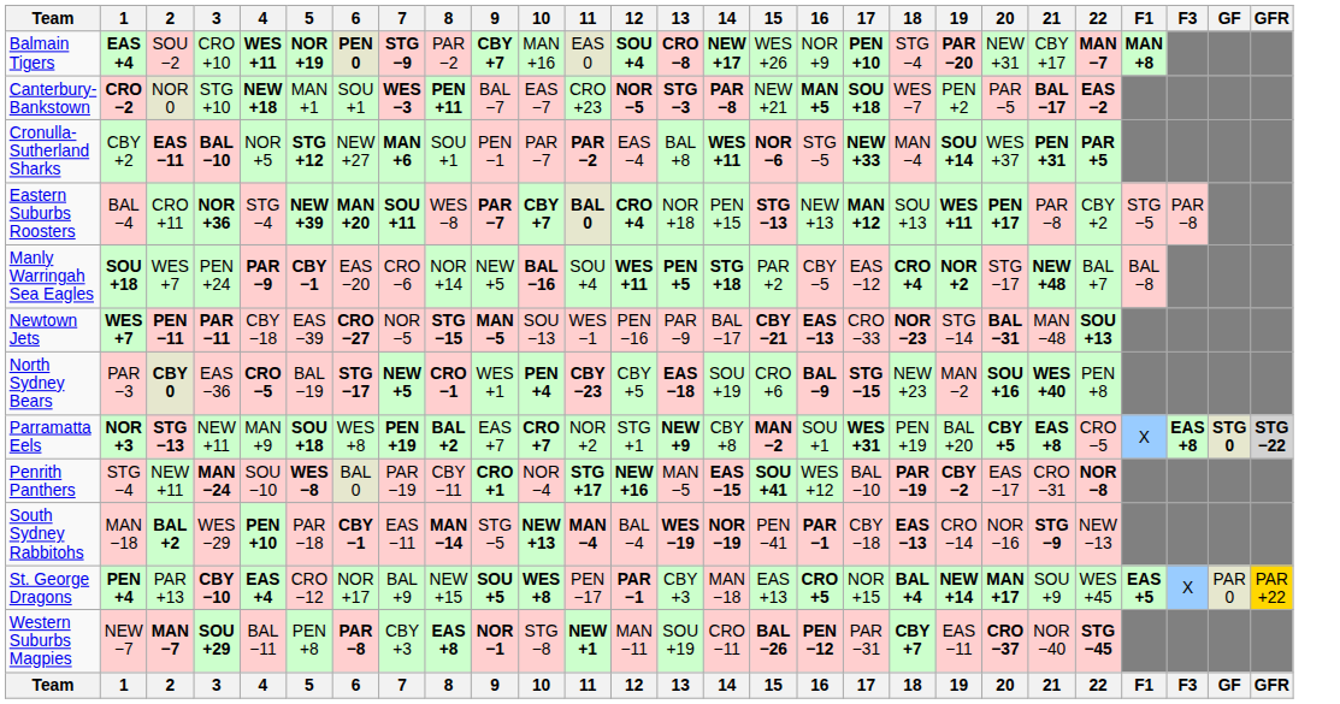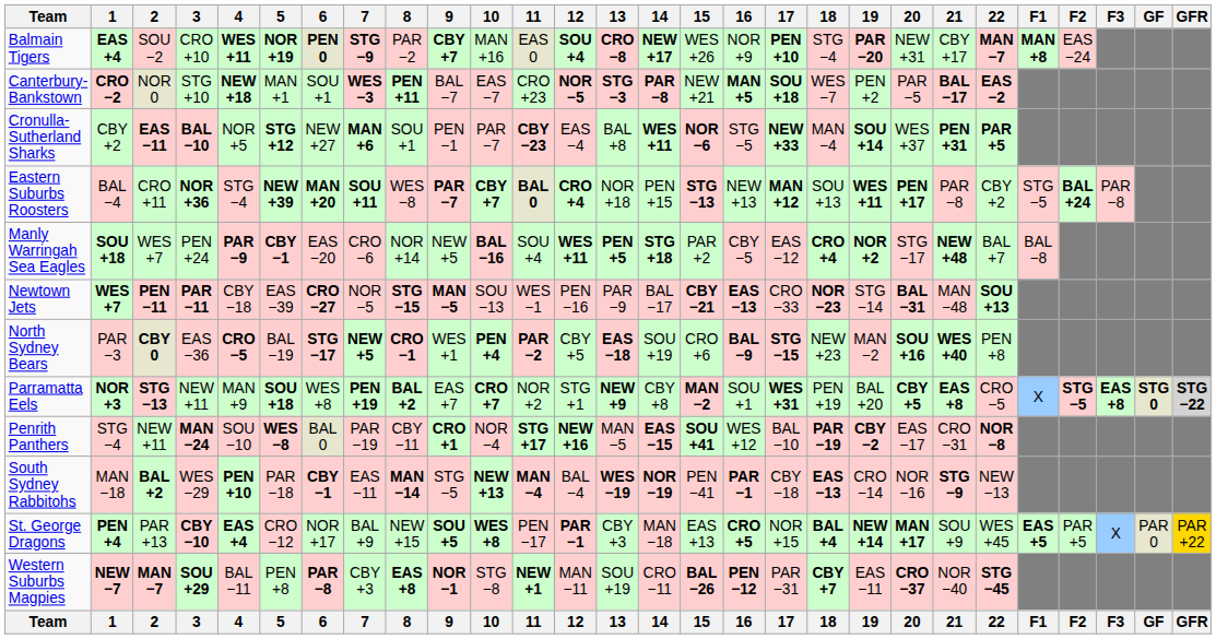 <table class="wikitable sortable" style="font-size:85%; text-align:center; width:90%">
 <tr valign="top">
 <th valign="middle">Team</th>
 <th>1</th>
 <th>2</th>
 <th>3</th>
 <th>4</th>
 <th>5</th>
 <th>6</th>
 <th>7</th>
 <th>8</th>
 <th>9</th>
 <th>10</th>
 <th>11</th>
 <th>12</th>
 <th>13</th>
 <th>14</th>
 <th>15</th>
 <th>16</th>
 <th>17</th>
 <th>18</th>
 <th>19</th>
 <th>20</th>
 <th>21</th>
 <th>22</th>
 <th>F1</th>
+<th>F2</th>
 <th>F3</th>
 <th>GF</th>
 <th>GFR</th>
 </tr>
 <tr>
 <td align="left"><a href='#'>Balmain Tigers</a></td>
 <td style="background:#cfc;"><strong>EAS<br>+4</strong></td>
 <td style="background:#FFCFCF;">SOU<br>−2</td>
 <td style="background:#cfc;">CRO<br>+10</td>
 <td style="background:#cfc;"><strong>WES<br>+11</strong></td>
 <td style="background:#cfc;"><strong>NOR<br>+19</strong></td>
 <td style="background:#E6E7CE"><strong>PEN<br>0</strong></td>
 <td style="background:#FFCFCF;"><strong>STG<br>−9</strong></td>
 <td style="background:#FFCFCF;">PAR<br>−2</td>
 <td style="background:#cfc;"><strong>CBY<br>+7</strong></td>
 <td style="background:#cfc;">MAN<br>+16</td>
 <td style="background:#E6E7CE">EAS<br>0</td>
 <td style="background:#cfc;"><strong>SOU<br>+4</strong></td>
 <td style="background:#FFCFCF;"><strong>CRO<br>−8</strong></td>
 <td style="background:#cfc;"><strong>NEW<br>+17</strong></td>
 <td style="background:#cfc;">WES<br>+26</td>
 <td style="background:#cfc;">NOR<br>+9</td>
 <td style="background:#cfc;"><strong>PEN<br>+10</strong></td>
 <td style="background:#FFCFCF;">STG<br>−4</td>
 <td style="background:#FFCFCF;"><strong>PAR<br>−20</strong></td>
 <td style="background:#cfc;">NEW<br>+31</td>
 <td style="background:#cfc;">CBY<br>+17</td>
 <td style="background:#FFCFCF;"><strong>MAN<br>−7</strong></td>
 <td style="background:#cfc;"><strong>MAN<br>+8</strong></td>
+<td style="background:#FFCFCF;">EAS<br>−24</td>
 <td style="background:#808080;"></td>
 <td style="background:#808080;"></td>
 <td style="background:#808080;"></td>
 </tr>
 <tr>
 <td align="left"><a href='#'>Canterbury-Bankstown</a></td>
 <td style="background:#FFCFCF;"><strong>CRO<br>−2</strong></td>
 <td style="background:#E6E7CE">NOR<br>0</td>
 <td style="background:#cfc;">STG<br>+10</td>
 <td style="background:#cfc;"><strong>NEW<br>+18</strong></td>
 <td style="background:#cfc;">MAN<br>+1</td>
 <td style="background:#cfc;">SOU<br>+1</td>
 <td style="background:#FFCFCF;"><strong>WES<br>−3</strong></td>
 <td style="background:#cfc;"><strong>PEN<br>+11</strong></td>
 <td style="background:#FFCFCF;">BAL<br>−7</td>
 <td style="background:#FFCFCF;">EAS<br>−7</td>
 <td style="background:#cfc;">CRO<br>+23</td>
 <td style="background:#FFCFCF;"><strong>NOR<br>−5</strong></td>
 <td style="background:#FFCFCF;"><strong>STG<br>−3</strong></td>
 <td style="background:#FFCFCF;"><strong>PAR<br>−8</strong></td>
 <td style="background:#cfc;">NEW<br>+21</td>
 <td style="background:#cfc;"><strong>MAN<br>+5</strong></td>
 <td style="background:#cfc;"><strong>SOU<br>+18</strong></td>
 <td style="background:#FFCFCF;">WES<br>−7</td>
 <td style="background:#cfc;">PEN<br>+2</td>
 <td style="background:#FFCFCF;">PAR<br>−5</td>
 <td style="background:#FFCFCF;"><strong>BAL<br>−17</strong></td>
 <td style="background:#FFCFCF;"><strong>EAS<br>−2</strong></td>
 <td style="background:#808080;"></td>
 <td style="background:#808080;"></td>
 <td style="background:#808080;"></td>
 <td style="background:#808080;"></td>
+<td style="background:#808080;"></td>
 </tr>
 <tr>
 <td align="left"><a href='#'>Cronulla-Sutherland Sharks</a></td>
 <td style="background:#cfc;">CBY<br>+2</td>
 <td style="background:#FFCFCF;"><strong>EAS<br>−11</strong></td>
 <td style="background:#FFCFCF;"><strong>BAL<br>−10</strong></td>
 <td style="background:#cfc;">NOR<br>+5</td>
 <td style="background:#cfc;"><strong>STG<br>+12</strong></td>
 <td style="background:#cfc;">NEW<br>+27</td>
 <td style="background:#cfc;"><strong>MAN<br>+6</strong></td>
 <td style="background:#cfc;">SOU<br>+1</td>
 <td style="background:#FFCFCF;">PEN<br>−1</td>
 <td style="background:#FFCFCF;">PAR<br>−7</td>
-<td style="background:#FFCFCF;"><strong>PAR<br>−2</strong></td>
+<td style="background:#FFCFCF;"><strong>CBY<br>−23</strong></td>
 <td style="background:#FFCFCF;">EAS<br>−4</td>
 <td style="background:#cfc;">BAL<br>+8</td>
 <td style="background:#cfc;"><strong>WES<br>+11</strong></td>
 <td style="background:#FFCFCF;"><strong>NOR<br>−6</strong></td>
 <td style="background:#FFCFCF;">STG<br>−5</td>
 <td style="background:#cfc;"><strong>NEW<br>+33</strong></td>
 <td style="background:#FFCFCF;">MAN<br>−4</td>
 <td style="background:#cfc;"><strong>SOU<br>+14</strong></td>
 <td style="background:#cfc;">WES<br>+37</td>
 <td style="background:#cfc;"><strong>PEN<br>+31</strong></td>
 <td style="background:#cfc;"><strong>PAR<br>+5</strong></td>
+<td style="background:#808080;"></td>
 <td style="background:#808080;"></td>
 <td style="background:#808080;"></td>
 <td style="background:#808080;"></td>
 <td style="background:#808080;"></td>
 </tr>
 <tr>
 <td align="left"><a href='#'>Eastern Suburbs Roosters</a></td>
 <td style="background:#FFCFCF;">BAL<br>−4</td>
 <td style="background:#cfc;">CRO<br>+11</td>
 <td style="background:#cfc;"><strong>NOR<br>+36</strong></td>
 <td style="background:#FFCFCF;">STG<br>−4</td>
 <td style="background:#cfc;"><strong>NEW<br>+39</strong></td>
 <td style="background:#cfc;"><strong>MAN<br>+20</strong></td>
 <td style="background:#cfc;"><strong>SOU<br>+11</strong></td>
 <td style="background:#FFCFCF;">WES<br>−8</td>
 <td style="background:#FFCFCF;"><strong>PAR<br>−7</strong></td>
 <td style="background:#cfc;"><strong>CBY<br>+7</strong></td>
 <td style="background:#E6E7CE"><strong>BAL<br>0</strong></td>
 <td style="background:#cfc;"><strong>CRO<br>+4</strong></td>
 <td style="background:#cfc;">NOR<br>+18</td>
 <td style="background:#cfc;">PEN<br>+15</td>
 <td style="background:#FFCFCF;"><strong>STG<br>−13</strong></td>
 <td style="background:#cfc;">NEW<br>+13</td>
 <td style="background:#cfc;"><strong>MAN<br>+12</strong></td>
 <td style="background:#cfc;">SOU<br>+13</td>
 <td style="background:#cfc;"><strong>WES<br>+11</strong></td>
 <td style="background:#cfc;"><strong>PEN<br>+17</strong></td>
 <td style="background:#FFCFCF;">PAR<br>−8</td>
 <td style="background:#cfc;">CBY<br>+2</td>
 <td style="background:#FFCFCF;">STG<br>−5</td>
+<td style="background:#cfc;"><strong>BAL<br>+24</strong></td>
 <td style="background:#FFCFCF;">PAR<br>−8</td>
 <td style="background:#808080;"></td>
 <td style="background:#808080;"></td>
 </tr>
 <tr>
 <td align="left"><a href='#'>Manly Warringah Sea Eagles</a></td>
 <td style="background:#cfc;"><strong>SOU<br>+18</strong></td>
 <td style="background:#cfc;">WES<br>+7</td>
 <td style="background:#cfc;">PEN<br>+24</td>
 <td style="background:#FFCFCF;"><strong>PAR<br>−9</strong></td>
 <td style="background:#FFCFCF;"><strong>CBY<br>−1</strong></td>
 <td style="background:#FFCFCF;">EAS<br>−20</td>
 <td style="background:#FFCFCF;">CRO<br>−6</td>
 <td style="background:#cfc;">NOR<br>+14</td>
 <td style="background:#cfc;">NEW<br>+5</td>
 <td style="background:#FFCFCF;"><strong>BAL<br>−16</strong></td>
 <td style="background:#cfc;">SOU<br>+4</td>
 <td style="background:#cfc;"><strong>WES<br>+11</strong></td>
 <td style="background:#cfc;"><strong>PEN<br>+5</strong></td>
 <td style="background:#cfc;"><strong>STG<br>+18</strong></td>
 <td style="background:#cfc;">PAR<br>+2</td>
 <td style="background:#FFCFCF;">CBY<br>−5</td>
 <td style="background:#FFCFCF;">EAS<br>−12</td>
 <td style="background:#cfc;"><strong>CRO<br>+4</strong></td>
 <td style="background:#cfc;"><strong>NOR<br>+2</strong></td>
 <td style="background:#FFCFCF;">STG<br>−17</td>
 <td style="background:#cfc;"><strong>NEW<br>+48</strong></td>
 <td style="background:#cfc;">BAL<br>+7</td>
 <td style="background:#FFCFCF;">BAL<br>−8</td>
 <td style="background:#808080;"></td>
 <td style="background:#808080;"></td>
 <td style="background:#808080;"></td>
+<td style="background:#808080;"></td>
 </tr>
 <tr>
 <td align="left"><a href='#'>Newtown Jets</a></td>
 <td style="background:#cfc;"><strong>WES<br>+7</strong></td>
 <td style="background:#FFCFCF;"><strong>PEN<br>−11</strong></td>
 <td style="background:#FFCFCF;"><strong>PAR<br>−11</strong></td>
 <td style="background:#FFCFCF;">CBY<br>−18</td>
 <td style="background:#FFCFCF;">EAS<br>−39</td>
 <td style="background:#FFCFCF;"><strong>CRO<br>−27</strong></td>
 <td style="background:#FFCFCF;">NOR<br>−5</td>
 <td style="background:#FFCFCF;"><strong>STG<br>−15</strong></td>
 <td style="background:#FFCFCF;"><strong>MAN<br>−5</strong></td>
 <td style="background:#FFCFCF;">SOU<br>−13</td>
 <td style="background:#FFCFCF;">WES<br>−1</td>
 <td style="background:#FFCFCF;">PEN<br>−16</td>
 <td style="background:#FFCFCF;">PAR<br>−9</td>
 <td style="background:#FFCFCF;">BAL<br>−17</td>
 <td style="background:#FFCFCF;"><strong>CBY<br>−21</strong></td>
 <td style="background:#FFCFCF;"><strong>EAS<br>−13</strong></td>
 <td style="background:#FFCFCF;">CRO<br>−33</td>
 <td style="background:#FFCFCF;"><strong>NOR<br>−23</strong></td>
 <td style="background:#FFCFCF;">STG<br>−14</td>
 <td style="background:#FFCFCF;"><strong>BAL<br>−31</strong></td>
 <td style="background:#FFCFCF;">MAN<br>−48</td>
 <td style="background:#cfc;"><strong>SOU<br>+13</strong></td>
 <td style="background:#808080;"></td>
 <td style="background:#808080;"></td>
 <td style="background:#808080;"></td>
 <td style="background:#808080;"></td>
+<td style="background:#808080;"></td>
 </tr>
 <tr>
 <td align="left"><a href='#'>North Sydney Bears</a></td>
 <td style="background:#FFCFCF;">PAR<br>−3</td>
 <td style="background:#E6E7CE"><strong>CBY<br>0</strong></td>
 <td style="background:#FFCFCF;">EAS<br>−36</td>
 <td style="background:#FFCFCF;"><strong>CRO<br>−5</strong></td>
 <td style="background:#FFCFCF;">BAL<br>−19</td>
 <td style="background:#FFCFCF;"><strong>STG<br>−17</strong></td>
 <td style="background:#cfc;"><strong>NEW<br>+5</strong></td>
 <td style="background:#FFCFCF;"><strong>CRO<br>−1</strong></td>
 <td style="background:#cfc;">WES<br>+1</td>
 <td style="background:#cfc;"><strong>PEN<br>+4</strong></td>
-<td style="background:#FFCFCF;"><strong>CBY<br>−23</strong></td>
+<td style="background:#FFCFCF;"><strong>PAR<br>−2</strong></td>
 <td style="background:#cfc;">CBY<br>+5</td>
 <td style="background:#FFCFCF;"><strong>EAS<br>−18</strong></td>
 <td style="background:#cfc;">SOU<br>+19</td>
 <td style="background:#cfc;">CRO<br>+6</td>
 <td style="background:#FFCFCF;"><strong>BAL<br>−9</strong></td>
 <td style="background:#FFCFCF;"><strong>STG<br>−15</strong></td>
 <td style="background:#cfc;">NEW<br>+23</td>
 <td style="background:#FFCFCF;">MAN<br>−2</td>
 <td style="background:#cfc;"><strong>SOU<br>+16</strong></td>
 <td style="background:#cfc;"><strong>WES<br>+40</strong></td>
 <td style="background:#cfc;">PEN<br>+8</td>
+<td style="background:#808080;"></td>
 <td style="background:#808080;"></td>
 <td style="background:#808080;"></td>
 <td style="background:#808080;"></td>
 <td style="background:#808080;"></td>
 </tr>
 <tr>
 <td align="left"><a href='#'>Parramatta Eels</a></td>
 <td style="background:#cfc;"><strong>NOR<br>+3</strong></td>
 <td style="background:#FFCFCF;"><strong>STG<br>−13</strong></td>
 <td style="background:#cfc;">NEW<br>+11</td>
 <td style="background:#cfc;">MAN<br>+9</td>
 <td style="background:#cfc;"><strong>SOU<br>+18</strong></td>
 <td style="background:#cfc;">WES<br>+8</td>
 <td style="background:#cfc;"><strong>PEN<br>+19</strong></td>
 <td style="background:#cfc;"><strong>BAL<br>+2</strong></td>
 <td style="background:#cfc;">EAS<br>+7</td>
 <td style="background:#cfc;"><strong>CRO<br>+7</strong></td>
 <td style="background:#cfc;">NOR<br>+2</td>
 <td style="background:#cfc;">STG<br>+1</td>
 <td style="background:#cfc;"><strong>NEW<br>+9</strong></td>
 <td style="background:#cfc;">CBY<br>+8</td>
 <td style="background:#FFCFCF;"><strong>MAN<br>−2</strong></td>
 <td style="background:#cfc;">SOU<br>+1</td>
 <td style="background:#cfc;"><strong>WES<br>+31</strong></td>
 <td style="background:#cfc;">PEN<br>+19</td>
 <td style="background:#cfc;">BAL<br>+20</td>
 <td style="background:#cfc;"><strong>CBY<br>+5</strong></td>
 <td style="background:#cfc;"><strong>EAS<br>+8</strong></td>
 <td style="background:#FFCFCF;">CRO<br>−5</td>
 <td style="background:#99ccff;">X</td>
+<td style="background:#FFCFCF;"><strong>STG<br>−5</strong></td>
 <td style="background:#cfc;"><strong>EAS<br>+8</strong></td>
 <td style="background:#E6E7CE"><strong>STG<br>0</strong></td>
 <td style="background:#D3D3D3;"><strong>STG<br>−22</strong></td>
 </tr>
 <tr>
 <td align="left"><a href='#'>Penrith Panthers</a></td>
 <td style="background:#FFCFCF;">STG<br>−4</td>
 <td style="background:#cfc;">NEW<br>+11</td>
 <td style="background:#FFCFCF;"><strong>MAN<br>−24</strong></td>
 <td style="background:#FFCFCF;">SOU<br>−10</td>
 <td style="background:#FFCFCF;"><strong>WES<br>−8</strong></td>
 <td style="background:#E6E7CE">BAL<br>0</td>
 <td style="background:#FFCFCF;">PAR<br>−19</td>
 <td style="background:#FFCFCF;">CBY<br>−11</td>
 <td style="background:#cfc;"><strong>CRO<br>+1</strong></td>
 <td style="background:#FFCFCF;">NOR<br>−4</td>
 <td style="background:#cfc;"><strong>STG<br>+17</strong></td>
 <td style="background:#cfc;"><strong>NEW<br>+16</strong></td>
 <td style="background:#FFCFCF;">MAN<br>−5</td>
 <td style="background:#FFCFCF;"><strong>EAS<br>−15</strong></td>
 <td style="background:#cfc;"><strong>SOU<br>+41</strong></td>
 <td style="background:#cfc;">WES<br>+12</td>
 <td style="background:#FFCFCF;">BAL<br>−10</td>
 <td style="background:#FFCFCF;"><strong>PAR<br>−19</strong></td>
 <td style="background:#FFCFCF;"><strong>CBY<br>−2</strong></td>
 <td style="background:#FFCFCF;">EAS<br>−17</td>
 <td style="background:#FFCFCF;">CRO<br>−31</td>
 <td style="background:#FFCFCF;"><strong>NOR<br>−8</strong></td>
+<td style="background:#808080;"></td>
 <td style="background:#808080;"></td>
 <td style="background:#808080;"></td>
 <td style="background:#808080;"></td>
 <td style="background:#808080;"></td>
 </tr>
 <tr>
 <td align="left"><a href='#'>South Sydney Rabbitohs</a></td>
 <td style="background:#FFCFCF;">MAN<br>−18</td>
 <td style="background:#cfc;"><strong>BAL<br>+2</strong></td>
 <td style="background:#FFCFCF;">WES<br>−29</td>
 <td style="background:#cfc;"><strong>PEN<br>+10</strong></td>
 <td style="background:#FFCFCF;">PAR<br>−18</td>
 <td style="background:#FFCFCF;"><strong>CBY<br>−1</strong></td>
 <td style="background:#FFCFCF;">EAS<br>−11</td>
 <td style="background:#FFCFCF;"><strong>MAN<br>−14</strong></td>
 <td style="background:#FFCFCF;">STG<br>−5</td>
 <td style="background:#cfc;"><strong>NEW<br>+13</strong></td>
 <td style="background:#FFCFCF;"><strong>MAN<br>−4</strong></td>
 <td style="background:#FFCFCF;">BAL<br>−4</td>
 <td style="background:#FFCFCF;"><strong>WES<br>−19</strong></td>
 <td style="background:#FFCFCF;"><strong>NOR<br>−19</strong></td>
 <td style="background:#FFCFCF;">PEN<br>−41</td>
 <td style="background:#FFCFCF;"><strong>PAR<br>−1</strong></td>
 <td style="background:#FFCFCF;">CBY<br>−18</td>
 <td style="background:#FFCFCF;"><strong>EAS<br>−13</strong></td>
 <td style="background:#FFCFCF;">CRO<br>−14</td>
 <td style="background:#FFCFCF;">NOR<br>−16</td>
 <td style="background:#FFCFCF;"><strong>STG<br>−9</strong></td>
 <td style="background:#FFCFCF;">NEW<br>−13</td>
 <td style="background:#808080;"></td>
 <td style="background:#808080;"></td>
 <td style="background:#808080;"></td>
 <td style="background:#808080;"></td>
+<td style="background:#808080;"></td>
 </tr>
 <tr>
 <td align="left"><a href='#'>St. George Dragons</a></td>
 <td style="background:#cfc;"><strong>PEN<br>+4</strong></td>
 <td style="background:#cfc;">PAR<br>+13</td>
 <td style="background:#FFCFCF;"><strong>CBY<br>−10</strong></td>
 <td style="background:#cfc;"><strong>EAS<br>+4</strong></td>
 <td style="background:#FFCFCF;">CRO<br>−12</td>
 <td style="background:#cfc;">NOR<br>+17</td>
 <td style="background:#cfc;">BAL<br>+9</td>
 <td style="background:#cfc;">NEW<br>+15</td>
 <td style="background:#cfc;"><strong>SOU<br>+5</strong></td>
 <td style="background:#cfc;"><strong>WES<br>+8</strong></td>
 <td style="background:#FFCFCF;">PEN<br>−17</td>
 <td style="background:#FFCFCF;"><strong>PAR<br>−1</strong></td>
 <td style="background:#cfc;">CBY<br>+3</td>
 <td style="background:#FFCFCF;">MAN<br>−18</td>
 <td style="background:#cfc;">EAS<br>+13</td>
 <td style="background:#cfc;"><strong>CRO<br>+5</strong></td>
 <td style="background:#cfc;">NOR<br>+15</td>
 <td style="background:#cfc;"><strong>BAL<br>+4</strong></td>
 <td style="background:#cfc;"><strong>NEW<br>+14</strong></td>
 <td style="background:#cfc;"><strong>MAN<br>+17</strong></td>
 <td style="background:#cfc;">SOU<br>+9</td>
 <td style="background:#cfc;">WES<br>+45</td>
 <td style="background:#cfc;"><strong>EAS<br>+5</strong></td>
+<td style="background:#cfc;">PAR<br>+5</td>
 <td style="background:#99ccff;">X</td>
 <td style="background:#E6E7CE">PAR<br>0</td>
 <td style="background:#FFD700;">PAR<br>+22</td>
 </tr>
 <tr>
 <td align="left"><a href='#'>Western Suburbs Magpies</a></td>
-<td style="background:#FFCFCF;">NEW<br>−7</td>
+<td style="background:#FFCFCF;"><strong>NEW<br>−7</strong></td>
 <td style="background:#FFCFCF;"><strong>MAN<br>−7</strong></td>
 <td style="background:#cfc;"><strong>SOU<br>+29</strong></td>
 <td style="background:#FFCFCF;">BAL<br>−11</td>
 <td style="background:#cfc;">PEN<br>+8</td>
 <td style="background:#FFCFCF;"><strong>PAR<br>−8</strong></td>
 <td style="background:#cfc;">CBY<br>+3</td>
 <td style="background:#cfc;"><strong>EAS<br>+8</strong></td>
 <td style="background:#FFCFCF;"><strong>NOR<br>−1</strong></td>
 <td style="background:#FFCFCF;">STG<br>−8</td>
 <td style="background:#cfc;"><strong>NEW<br>+1</strong></td>
 <td style="background:#FFCFCF;">MAN<br>−11</td>
 <td style="background:#cfc;">SOU<br>+19</td>
 <td style="background:#FFCFCF;">CRO<br>−11</td>
 <td style="background:#FFCFCF;"><strong>BAL<br>−26</strong></td>
 <td style="background:#FFCFCF;"><strong>PEN<br>−12</strong></td>
 <td style="background:#FFCFCF;">PAR<br>−31</td>
 <td style="background:#cfc;"><strong>CBY<br>+7</strong></td>
 <td style="background:#FFCFCF;">EAS<br>−11</td>
 <td style="background:#FFCFCF;"><strong>CRO<br>−37</strong></td>
 <td style="background:#FFCFCF;">NOR<br>−40</td>
 <td style="background:#FFCFCF;"><strong>STG<br>−45</strong></td>
+<td style="background:#808080;"></td>
 <td style="background:#808080;"></td>
 <td style="background:#808080;"></td>
 <td style="background:#808080;"></td>
 <td style="background:#808080;"></td>
 </tr>
 <tr valign="top">
 <th valign="middle">Team</th>
 <th>1</th>
 <th>2</th>
 <th>3</th>
 <th>4</th>
 <th>5</th>
 <th>6</th>
 <th>7</th>
 <th>8</th>
 <th>9</th>
 <th>10</th>
 <th>11</th>
 <th>12</th>
 <th>13</th>
 <th>14</th>
 <th>15</th>
 <th>16</th>
 <th>17</th>
 <th>18</th>
 <th>19</th>
 <th>20</th>
 <th>21</th>
 <th>22</th>
 <th>F1</th>
+<th>F2</th>
 <th>F3</th>
 <th>GF</th>
 <th>GFR</th>
 </tr>
 </table>
